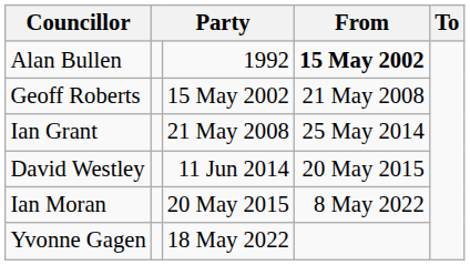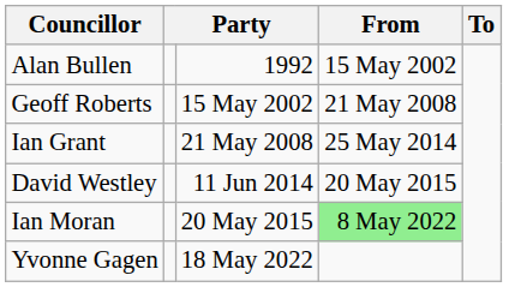 <table class=wikitable>
 <tr>
 <th>Councillor</th>
 <th colspan=2>Party</th>
 <th>From</th>
 <th>To</th>
 </tr>
 <tr>
 <td>Alan Bullen</td>
 <td></td>
 <td align=right>1992</td>
-<td align=right><strong>15 May 2002</strong></td>
+<td align=right>15 May 2002</td>
 </tr>
 <tr>
 <td>Geoff Roberts</td>
 <td></td>
 <td align=right>15 May 2002</td>
 <td align=right>21 May 2008</td>
 </tr>
 <tr>
 <td>Ian Grant</td>
 <td></td>
 <td align=right>21 May 2008</td>
 <td align=right>25 May 2014</td>
 </tr>
 <tr>
 <td>David Westley</td>
 <td></td>
 <td align=right>11 Jun 2014</td>
 <td align=right>20 May 2015</td>
 </tr>
 <tr>
 <td>Ian Moran</td>
 <td></td>
 <td align=right>20 May 2015</td>
-<td align=right>8 May 2022</td>
+<td align=right style="background: lightgreen;">8 May 2022</td>
 </tr>
 <tr>
 <td>Yvonne Gagen</td>
 <td></td>
 <td align=right>18 May 2022</td>
 <td align=right></td>
 </tr>
 </table>
